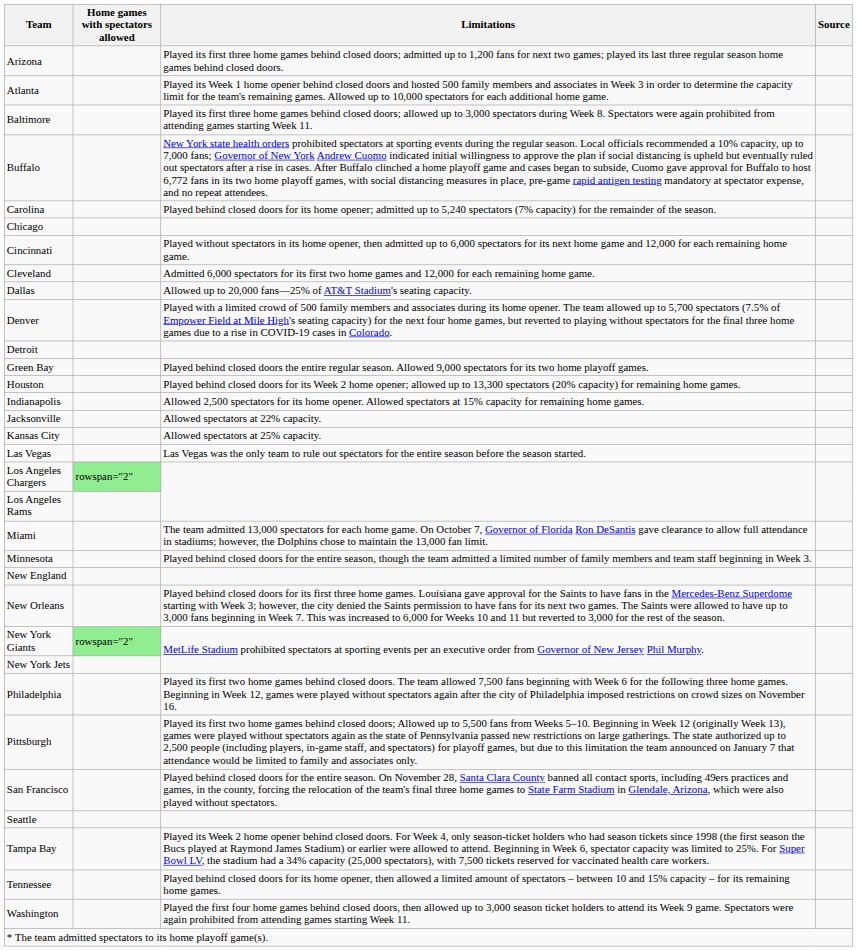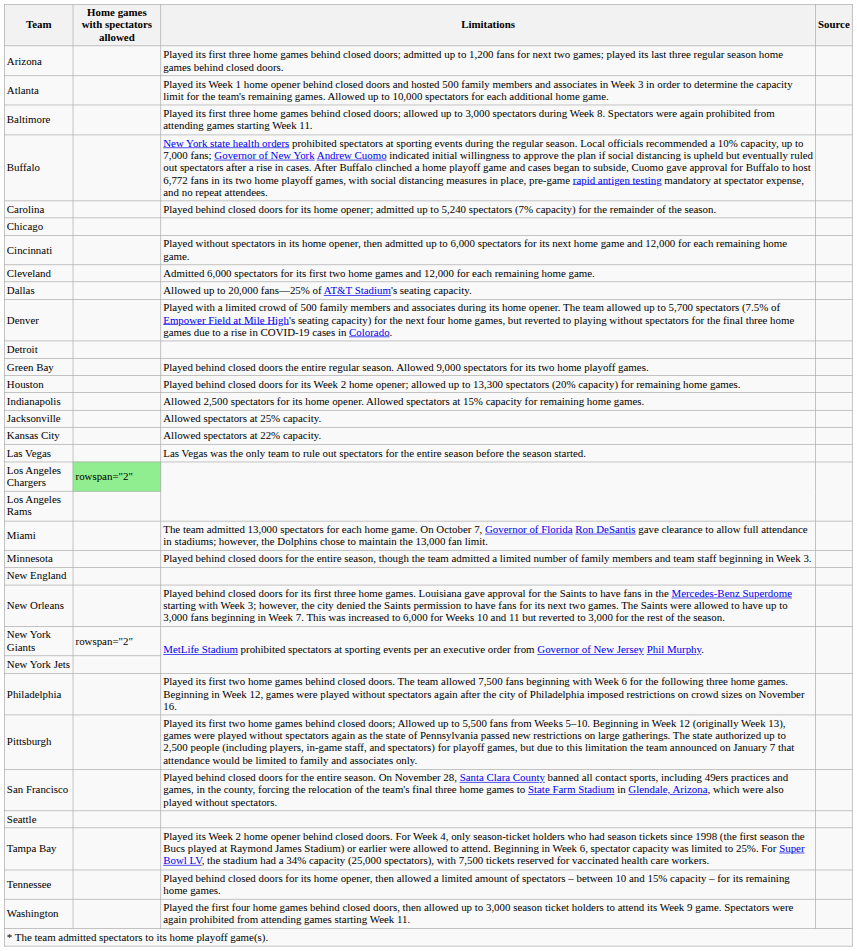 <table class="wikitable sortable">
 <tr>
 <th>Team</th>
 <th>Home games with spectators allowed</th>
 <th>Limitations</th>
 <th>Source</th>
 </tr>
 <tr>
 <td>Arizona</td>
 <td></td>
 <td>Played its first three home games behind closed doors; admitted up to 1,200 fans for next two games; played its last three regular season home games behind closed doors.</td>
 <td></td>
 </tr>
 <tr>
 <td>Atlanta</td>
 <td></td>
 <td>Played its Week 1 home opener behind closed doors and hosted 500 family members and associates in Week 3 in order to determine the capacity limit for the team's remaining games. Allowed up to 10,000 spectators for each additional home game.</td>
 <td></td>
 </tr>
 <tr>
 <td>Baltimore</td>
 <td></td>
 <td>Played its first three home games behind closed doors; allowed up to 3,000 spectators during Week 8. Spectators were again prohibited from attending games starting Week 11.</td>
 <td></td>
 </tr>
 <tr>
 <td>Buffalo</td>
 <td></td>
 <td><a href='#'>New York state health orders</a> prohibited spectators at sporting events during the regular season. Local officials recommended a 10% capacity, up to 7,000 fans; <a href='#'>Governor of New York</a> <a href='#'>Andrew Cuomo</a> indicated initial willingness to approve the plan if social distancing is upheld but eventually ruled out spectators after a rise in cases. After Buffalo clinched a home playoff game and cases began to subside, Cuomo gave approval for Buffalo to host 6,772 fans in its two home playoff games, with social distancing measures in place, pre-game <a href='#'>rapid antigen testing</a> mandatory at spectator expense, and no repeat attendees.</td>
 <td></td>
 </tr>
 <tr>
 <td>Carolina</td>
 <td></td>
 <td>Played behind closed doors for its home opener; admitted up to 5,240 spectators (7% capacity) for the remainder of the season.</td>
 <td></td>
 </tr>
 <tr>
 <td>Chicago</td>
 <td></td>
 <td></td>
 <td></td>
 </tr>
 <tr>
 <td>Cincinnati</td>
 <td></td>
 <td>Played without spectators in its home opener, then admitted up to 6,000 spectators for its next home game and 12,000 for each remaining home game.</td>
 <td></td>
 </tr>
 <tr>
 <td>Cleveland</td>
 <td></td>
 <td>Admitted 6,000 spectators for its first two home games and 12,000 for each remaining home game.</td>
 <td></td>
 </tr>
 <tr>
 <td>Dallas</td>
 <td></td>
 <td>Allowed up to 20,000 fans—25% of <a href='#'>AT&T Stadium</a>'s seating capacity.</td>
 <td></td>
 </tr>
 <tr>
 <td>Denver</td>
 <td></td>
 <td>Played with a limited crowd of 500 family members and associates during its home opener. The team allowed up to 5,700 spectators (7.5% of <a href='#'>Empower Field at Mile High</a>'s seating capacity) for the next four home games, but reverted to playing without spectators for the final three home games due to a rise in COVID-19 cases in <a href='#'>Colorado</a>.</td>
 <td></td>
 </tr>
 <tr>
 <td>Detroit</td>
 <td></td>
 <td></td>
 <td></td>
 </tr>
 <tr>
 <td>Green Bay</td>
 <td></td>
 <td>Played behind closed doors the entire regular season. Allowed 9,000 spectators for its two home playoff games.</td>
 <td></td>
 </tr>
 <tr>
 <td>Houston</td>
 <td></td>
 <td>Played behind closed doors for its Week 2 home opener; allowed up to 13,300 spectators (20% capacity) for remaining home games.</td>
 <td></td>
 </tr>
 <tr>
 <td>Indianapolis</td>
 <td></td>
 <td>Allowed 2,500 spectators for its home opener. Allowed spectators at 15% capacity for remaining home games.</td>
 <td></td>
 </tr>
 <tr>
 <td>Jacksonville</td>
 <td></td>
-<td>Allowed spectators at 22% capacity.</td>
+<td>Allowed spectators at 25% capacity.</td>
 <td></td>
 </tr>
 <tr>
 <td>Kansas City</td>
 <td></td>
-<td>Allowed spectators at 25% capacity.</td>
+<td>Allowed spectators at 22% capacity.</td>
 <td></td>
 </tr>
 <tr>
 <td>Las Vegas</td>
 <td></td>
 <td>Las Vegas was the only team to rule out spectators for the entire season before the season started.</td>
 <td></td>
 </tr>
 <tr>
 <td>Los Angeles Chargers</td>
 <td style="background: lightgreen;">rowspan="2" </td>
 <td rowspan="2"></td>
 <td rowspan="2"></td>
 </tr>
 <tr>
 <td>Los Angeles Rams</td>
 </tr>
 <tr>
 <td>Miami</td>
 <td></td>
 <td>The team admitted 13,000 spectators for each home game.  On October 7, <a href='#'>Governor of Florida</a> <a href='#'>Ron DeSantis</a> gave clearance to allow full attendance in stadiums; however, the Dolphins chose to maintain the 13,000 fan limit.</td>
 <td></td>
 </tr>
 <tr>
 <td>Minnesota</td>
 <td></td>
 <td>Played behind closed doors for the entire season, though the team admitted a limited number of family members and team staff beginning in Week 3.</td>
 <td></td>
 </tr>
 <tr>
 <td>New England</td>
 <td></td>
 <td></td>
 <td></td>
 </tr>
 <tr>
 <td>New Orleans</td>
 <td></td>
 <td>Played behind closed doors for its first three home games. Louisiana gave approval for the Saints to have fans in the <a href='#'>Mercedes-Benz Superdome</a> starting with Week 3; however, the city denied the Saints permission to have fans for its next two games. The Saints were allowed to have up to 3,000 fans beginning in Week 7. This was increased to 6,000 for Weeks 10 and 11 but reverted to 3,000 for the rest of the season.</td>
 <td></td>
 </tr>
 <tr>
 <td>New York Giants</td>
-<td style="background: lightgreen;">rowspan="2" </td>
+<td>rowspan="2" </td>
 <td rowspan="2"><a href='#'>MetLife Stadium</a> prohibited spectators at sporting events per an executive order from <a href='#'>Governor of New Jersey</a> <a href='#'>Phil Murphy</a>.</td>
 <td rowspan="2"></td>
 </tr>
 <tr>
 <td>New York Jets</td>
 </tr>
 <tr>
 <td>Philadelphia</td>
 <td></td>
 <td>Played its first two home games behind closed doors. The team allowed 7,500 fans beginning with Week 6 for the following three home games. Beginning in Week 12, games were played without spectators again after the city of Philadelphia imposed restrictions on crowd sizes on November 16.</td>
 <td></td>
 </tr>
 <tr>
 <td>Pittsburgh</td>
 <td></td>
 <td>Played its first two home games behind closed doors; Allowed up to 5,500 fans from Weeks 5–10.  Beginning in Week 12 (originally Week 13), games were played without spectators again as the state of Pennsylvania passed new restrictions on large gatherings. The state authorized up to 2,500 people (including players, in-game staff, and spectators) for playoff games, but due to this limitation the team announced on January 7 that attendance would be limited to family and associates only.</td>
 <td></td>
 </tr>
 <tr>
 <td>San Francisco</td>
 <td></td>
 <td>Played behind closed doors for the entire season. On November 28, <a href='#'>Santa Clara County</a> banned all contact sports, including 49ers practices and games, in the county, forcing the relocation of the team's final three home games to <a href='#'>State Farm Stadium</a> in <a href='#'>Glendale, Arizona</a>, which were also played without spectators.</td>
 <td></td>
 </tr>
 <tr>
 <td>Seattle</td>
 <td></td>
 <td></td>
 <td></td>
 </tr>
 <tr>
 <td>Tampa Bay</td>
 <td></td>
 <td>Played its Week 2 home opener behind closed doors. For Week 4, only season-ticket holders who had season tickets since 1998 (the first season the Bucs played at Raymond James Stadium) or earlier were allowed to attend. Beginning in Week 6, spectator capacity was limited to 25%. For <a href='#'>Super Bowl LV</a>, the stadium had a 34% capacity (25,000 spectators), with 7,500 tickets reserved for vaccinated health care workers.</td>
 <td></td>
 </tr>
 <tr>
 <td>Tennessee</td>
 <td></td>
 <td>Played behind closed doors for its home opener, then allowed a limited amount of spectators – between 10 and 15% capacity – for its remaining home games.</td>
 <td></td>
 </tr>
 <tr>
 <td>Washington</td>
 <td></td>
 <td>Played the first four home games behind closed doors, then allowed up to 3,000 season ticket holders to attend its Week 9 game. Spectators were again prohibited from attending games starting Week 11.</td>
 <td></td>
 </tr>
 <tr>
 <td colspan="4">* The team admitted spectators to its home playoff game(s).</td>
 </tr>
 </table>
